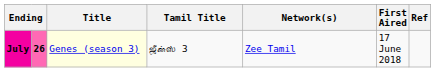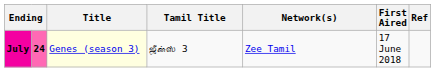 <table class="wikitable" width="95%">
 <tr>
 <th colspan="2">Ending</th>
 <th style="width:30%;">Title</th>
 <th style="width:30%;">Tamil Title</th>
 <th style="width:40%;">Network(s)</th>
 <th style="width:20%;">First Aired</th>
 <th>Ref</th>
 </tr>
 <tr>
 <td rowspan="1" style="text-align:center; background:#F400A1; textcolor:#000;"><strong>July</strong></td>
-<td rowspan="1" style="text-align:center; background:hotPink;"><strong>26</strong></td>
+<td rowspan="1" style="text-align:center; background:hotPink;"><strong>24</strong></td>
 <td style="background: lightyellow;"><a href='#'>Genes (season 3)</a></td>
 <td>ஜீன்ஸ் 3</td>
 <td><a href='#'>Zee Tamil</a></td>
 <td>17 June 2018</td>
 <td></td>
 </tr>
 </table>
